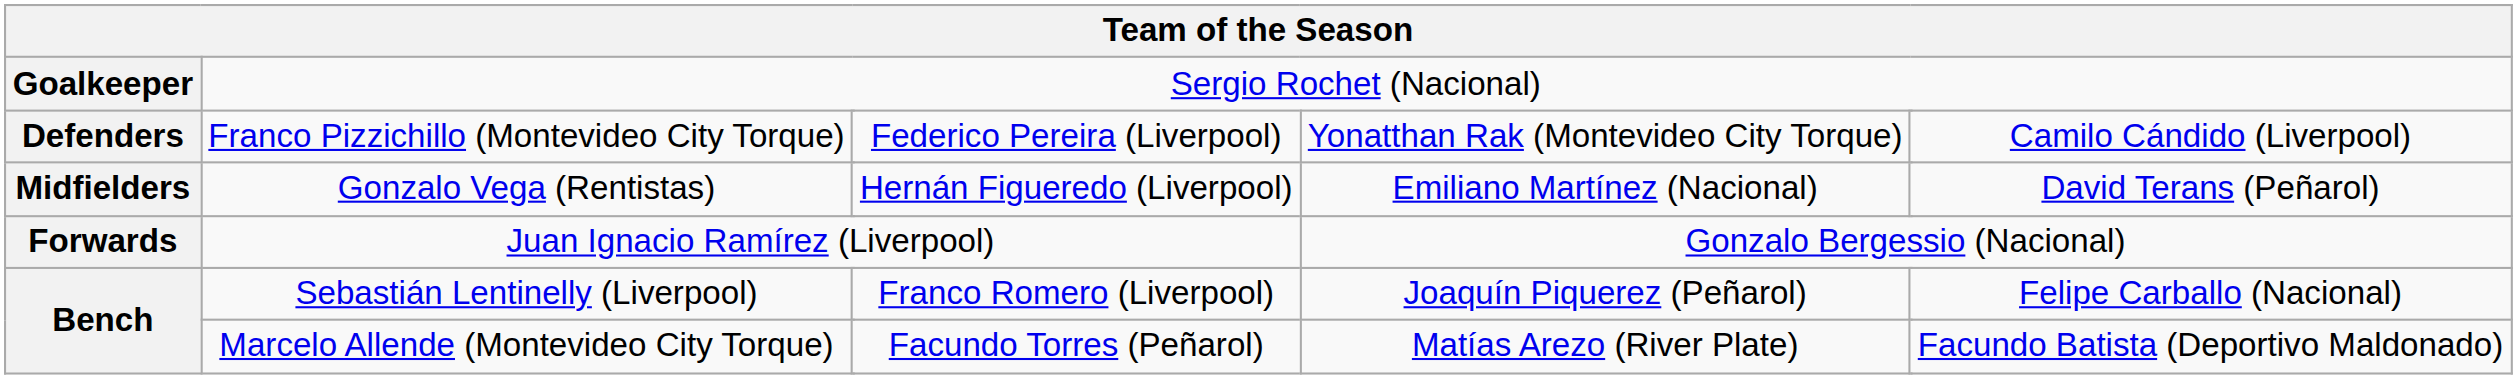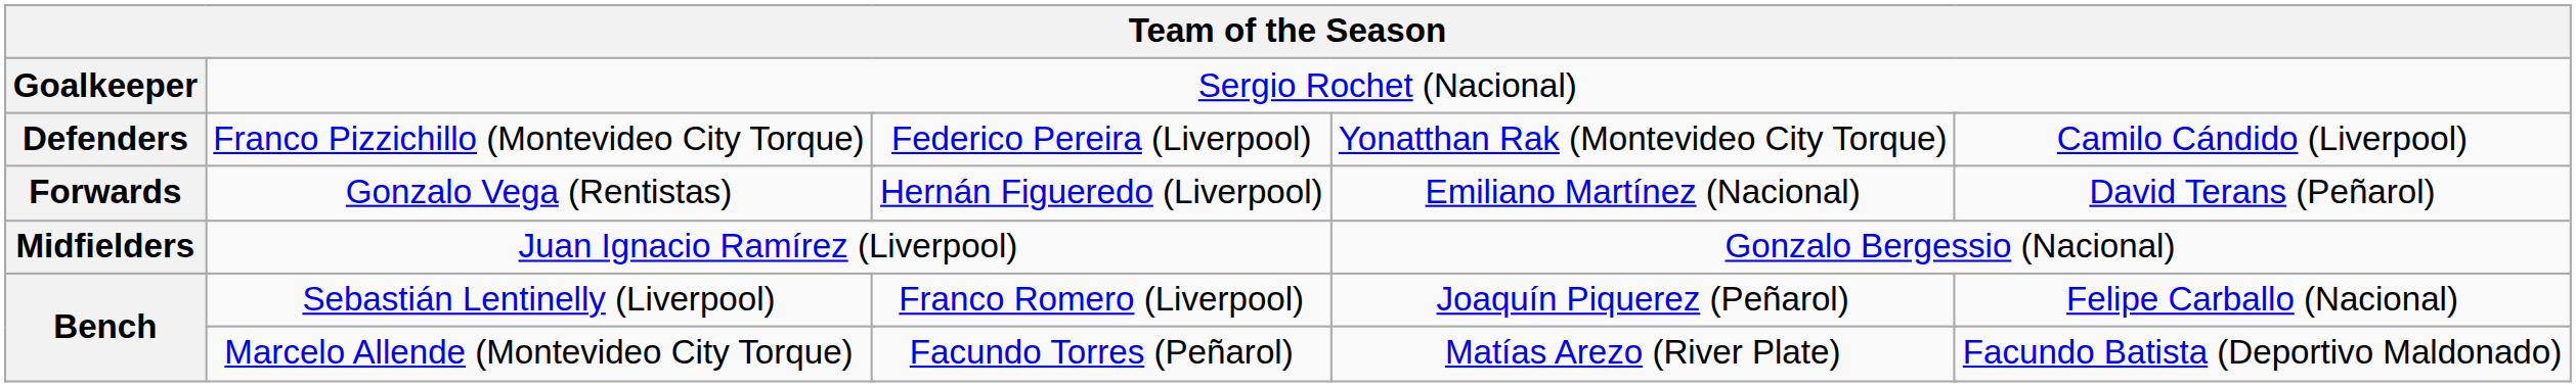 <table class="wikitable" style="text-align:center">
 <tr>
 <th colspan="13">Team of the Season</th>
 </tr>
 <tr>
 <th>Goalkeeper</th>
 <td colspan="12"> <a href='#'>Sergio Rochet</a> (Nacional)</td>
 </tr>
 <tr>
 <th>Defenders</th>
 <td colspan="3"> <a href='#'>Franco Pizzichillo</a> (Montevideo City Torque)</td>
 <td colspan="3"> <a href='#'>Federico Pereira</a> (Liverpool)</td>
 <td colspan="3"> <a href='#'>Yonatthan Rak</a> (Montevideo City Torque)</td>
 <td colspan="3"> <a href='#'>Camilo Cándido</a> (Liverpool)</td>
 </tr>
 <tr>
-<th>Midfielders</th>
+<th>Forwards</th>
 <td colspan="3"> <a href='#'>Gonzalo Vega</a> (Rentistas)</td>
 <td colspan="3"> <a href='#'>Hernán Figueredo</a> (Liverpool)</td>
 <td colspan="3"> <a href='#'>Emiliano Martínez</a> (Nacional)</td>
 <td colspan="3"> <a href='#'>David Terans</a> (Peñarol)</td>
 </tr>
 <tr>
-<th>Forwards</th>
+<th>Midfielders</th>
 <td colspan="6"> <a href='#'>Juan Ignacio Ramírez</a> (Liverpool)</td>
 <td colspan="6"> <a href='#'>Gonzalo Bergessio</a> (Nacional)</td>
 </tr>
 <tr>
 <th rowspan="2">Bench</th>
 <td colspan="3"> <a href='#'>Sebastián Lentinelly</a> (Liverpool)</td>
 <td colspan="3"> <a href='#'>Franco Romero</a> (Liverpool)</td>
 <td colspan="3"> <a href='#'>Joaquín Piquerez</a> (Peñarol)</td>
 <td colspan="3"> <a href='#'>Felipe Carballo</a> (Nacional)</td>
 </tr>
 <tr>
 <td colspan="3"> <a href='#'>Marcelo Allende</a> (Montevideo City Torque)</td>
 <td colspan="3"> <a href='#'>Facundo Torres</a> (Peñarol)</td>
 <td colspan="3"> <a href='#'>Matías Arezo</a> (River Plate)</td>
 <td colspan="3"> <a href='#'>Facundo Batista</a> (Deportivo Maldonado)</td>
 </tr>
 </table>
